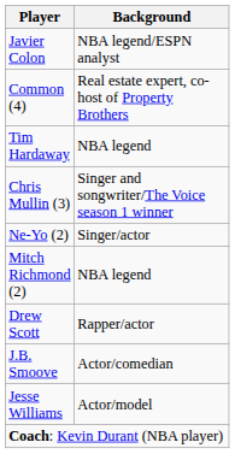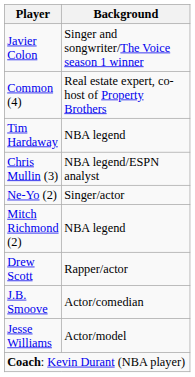 <table class="wikitable">
 <tr>
 <th width=60>Player</th>
 <th width=160>Background</th>
 </tr>
 <tr>
 <td><a href='#'>Javier Colon</a></td>
-<td>NBA legend/ESPN analyst</td>
+<td>Singer and songwriter/<a href='#'>The Voice season 1 winner</a></td>
 </tr>
 <tr>
 <td><a href='#'>Common</a> (4)</td>
 <td>Real estate expert, co-host of <a href='#'>Property Brothers</a></td>
 </tr>
 <tr>
 <td><a href='#'>Tim Hardaway</a></td>
 <td>NBA legend</td>
 </tr>
 <tr>
 <td><a href='#'>Chris Mullin</a> (3)</td>
-<td>Singer and songwriter/<a href='#'>The Voice season 1 winner</a></td>
+<td>NBA legend/ESPN analyst</td>
 </tr>
 <tr>
 <td><a href='#'>Ne-Yo</a> (2)</td>
 <td>Singer/actor</td>
 </tr>
 <tr>
 <td><a href='#'>Mitch Richmond</a> (2)</td>
 <td>NBA legend</td>
 </tr>
 <tr>
 <td><a href='#'>Drew Scott</a></td>
 <td>Rapper/actor</td>
 </tr>
 <tr>
 <td><a href='#'>J.B. Smoove</a></td>
 <td>Actor/comedian</td>
 </tr>
 <tr>
 <td><a href='#'>Jesse Williams</a></td>
 <td>Actor/model</td>
 </tr>
 <tr>
 <td colspan="3"><strong>Coach</strong>: <a href='#'>Kevin Durant</a> (NBA player)</td>
 </tr>
 </table>
